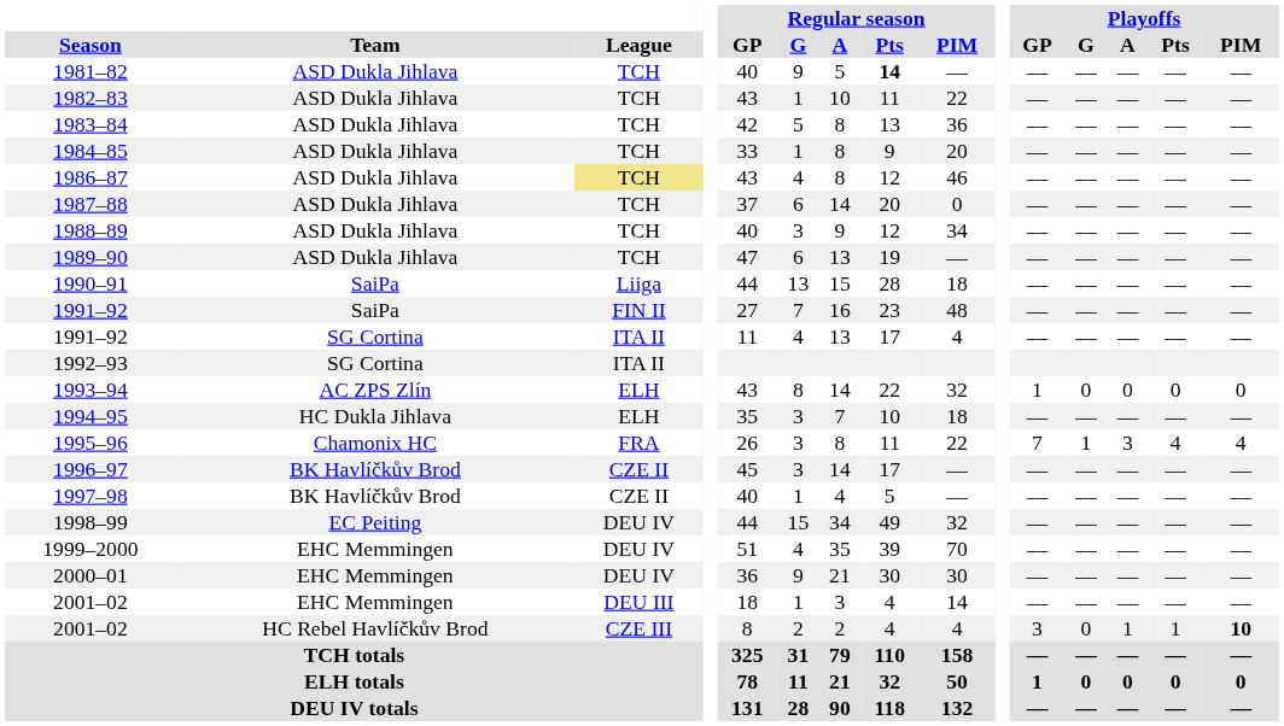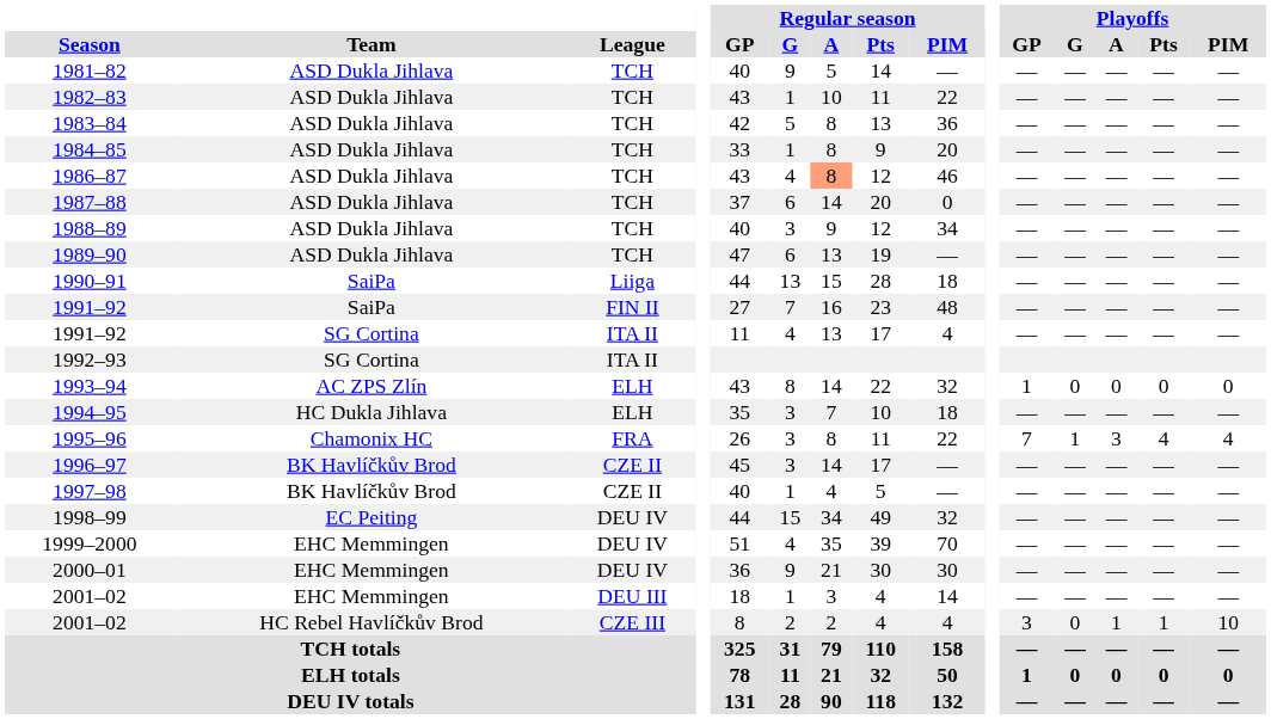 <table border="0" cellpadding="1" cellspacing="0" style="text-align:center; width:60em">
 <tr bgcolor="#e0e0e0">
 <th colspan="3" bgcolor="#ffffff"> </th>
 <th rowspan="99" bgcolor="#ffffff"> </th>
 <th colspan="5"><a href='#'>Regular season</a></th>
 <th rowspan="99" bgcolor="#ffffff"> </th>
 <th colspan="5"><a href='#'>Playoffs</a></th>
 </tr>
 <tr bgcolor="#e0e0e0">
 <th><a href='#'>Season</a></th>
 <th>Team</th>
 <th>League</th>
 <th>GP</th>
 <th><a href='#'>G</a></th>
 <th><a href='#'>A</a></th>
 <th><a href='#'>Pts</a></th>
 <th><a href='#'>PIM</a></th>
 <th>GP</th>
 <th>G</th>
 <th>A</th>
 <th>Pts</th>
 <th>PIM</th>
 </tr>
 <tr>
 <td><a href='#'>1981–82</a></td>
 <td><a href='#'>ASD Dukla Jihlava</a></td>
 <td><a href='#'>TCH</a></td>
 <td>40</td>
 <td>9</td>
 <td>5</td>
-<td><strong>14</strong></td>
+<td>14</td>
 <td>—</td>
 <td>—</td>
 <td>—</td>
 <td>—</td>
 <td>—</td>
 <td>—</td>
 </tr>
 <tr bgcolor="#f0f0f0">
 <td><a href='#'>1982–83</a></td>
 <td>ASD Dukla Jihlava</td>
 <td>TCH</td>
 <td>43</td>
 <td>1</td>
 <td>10</td>
 <td>11</td>
 <td>22</td>
 <td>—</td>
 <td>—</td>
 <td>—</td>
 <td>—</td>
 <td>—</td>
 </tr>
 <tr>
 <td><a href='#'>1983–84</a></td>
 <td>ASD Dukla Jihlava</td>
 <td>TCH</td>
 <td>42</td>
 <td>5</td>
 <td>8</td>
 <td>13</td>
 <td>36</td>
 <td>—</td>
 <td>—</td>
 <td>—</td>
 <td>—</td>
 <td>—</td>
 </tr>
 <tr bgcolor="#f0f0f0">
 <td><a href='#'>1984–85</a></td>
 <td>ASD Dukla Jihlava</td>
 <td>TCH</td>
 <td>33</td>
 <td>1</td>
 <td>8</td>
 <td>9</td>
 <td>20</td>
 <td>—</td>
 <td>—</td>
 <td>—</td>
 <td>—</td>
 <td>—</td>
 </tr>
 <tr>
 <td><a href='#'>1986–87</a></td>
 <td>ASD Dukla Jihlava</td>
-<td style="background: khaki;">TCH</td>
+<td>TCH</td>
 <td>43</td>
 <td>4</td>
-<td>8</td>
+<td style="background: lightsalmon;">8</td>
 <td>12</td>
 <td>46</td>
 <td>—</td>
 <td>—</td>
 <td>—</td>
 <td>—</td>
 <td>—</td>
 </tr>
 <tr bgcolor="#f0f0f0">
 <td><a href='#'>1987–88</a></td>
 <td>ASD Dukla Jihlava</td>
 <td>TCH</td>
 <td>37</td>
 <td>6</td>
 <td>14</td>
 <td>20</td>
 <td>0</td>
 <td>—</td>
 <td>—</td>
 <td>—</td>
 <td>—</td>
 <td>—</td>
 </tr>
 <tr>
 <td><a href='#'>1988–89</a></td>
 <td>ASD Dukla Jihlava</td>
 <td>TCH</td>
 <td>40</td>
 <td>3</td>
 <td>9</td>
 <td>12</td>
 <td>34</td>
 <td>—</td>
 <td>—</td>
 <td>—</td>
 <td>—</td>
 <td>—</td>
 </tr>
 <tr bgcolor="#f0f0f0">
 <td><a href='#'>1989–90</a></td>
 <td>ASD Dukla Jihlava</td>
 <td>TCH</td>
 <td>47</td>
 <td>6</td>
 <td>13</td>
 <td>19</td>
 <td>—</td>
 <td>—</td>
 <td>—</td>
 <td>—</td>
 <td>—</td>
 <td>—</td>
 </tr>
 <tr>
 <td><a href='#'>1990–91</a></td>
 <td><a href='#'>SaiPa</a></td>
 <td><a href='#'>Liiga</a></td>
 <td>44</td>
 <td>13</td>
 <td>15</td>
 <td>28</td>
 <td>18</td>
 <td>—</td>
 <td>—</td>
 <td>—</td>
 <td>—</td>
 <td>—</td>
 </tr>
 <tr bgcolor="#f0f0f0">
 <td><a href='#'>1991–92</a></td>
 <td>SaiPa</td>
 <td><a href='#'>FIN II</a></td>
 <td>27</td>
 <td>7</td>
 <td>16</td>
 <td>23</td>
 <td>48</td>
 <td>—</td>
 <td>—</td>
 <td>—</td>
 <td>—</td>
 <td>—</td>
 </tr>
 <tr>
 <td>1991–92</td>
 <td><a href='#'>SG Cortina</a></td>
 <td><a href='#'>ITA II</a></td>
 <td>11</td>
 <td>4</td>
 <td>13</td>
 <td>17</td>
 <td>4</td>
 <td>—</td>
 <td>—</td>
 <td>—</td>
 <td>—</td>
 <td>—</td>
 </tr>
 <tr bgcolor="#f0f0f0">
 <td>1992–93</td>
 <td>SG Cortina</td>
 <td>ITA II</td>
 <td></td>
 <td></td>
 <td></td>
 <td></td>
 <td></td>
 <td></td>
 <td></td>
 <td></td>
 <td></td>
 <td></td>
 </tr>
 <tr>
 <td><a href='#'>1993–94</a></td>
 <td><a href='#'>AC ZPS Zlín</a></td>
 <td><a href='#'>ELH</a></td>
 <td>43</td>
 <td>8</td>
 <td>14</td>
 <td>22</td>
 <td>32</td>
 <td>1</td>
 <td>0</td>
 <td>0</td>
 <td>0</td>
 <td>0</td>
 </tr>
 <tr bgcolor="#f0f0f0">
 <td><a href='#'>1994–95</a></td>
 <td>HC Dukla Jihlava</td>
 <td>ELH</td>
 <td>35</td>
 <td>3</td>
 <td>7</td>
 <td>10</td>
 <td>18</td>
 <td>—</td>
 <td>—</td>
 <td>—</td>
 <td>—</td>
 <td>—</td>
 </tr>
 <tr>
 <td><a href='#'>1995–96</a></td>
 <td><a href='#'>Chamonix HC</a></td>
 <td><a href='#'>FRA</a></td>
 <td>26</td>
 <td>3</td>
 <td>8</td>
 <td>11</td>
 <td>22</td>
 <td>7</td>
 <td>1</td>
 <td>3</td>
 <td>4</td>
 <td>4</td>
 </tr>
 <tr bgcolor="#f0f0f0">
 <td><a href='#'>1996–97</a></td>
 <td><a href='#'>BK Havlíčkův Brod</a></td>
 <td><a href='#'>CZE II</a></td>
 <td>45</td>
 <td>3</td>
 <td>14</td>
 <td>17</td>
 <td>—</td>
 <td>—</td>
 <td>—</td>
 <td>—</td>
 <td>—</td>
 <td>—</td>
 </tr>
 <tr>
 <td><a href='#'>1997–98</a></td>
 <td>BK Havlíčkův Brod</td>
 <td>CZE II</td>
 <td>40</td>
 <td>1</td>
 <td>4</td>
 <td>5</td>
 <td>—</td>
 <td>—</td>
 <td>—</td>
 <td>—</td>
 <td>—</td>
 <td>—</td>
 </tr>
 <tr bgcolor="#f0f0f0">
 <td>1998–99</td>
 <td><a href='#'>EC Peiting</a></td>
 <td>DEU IV</td>
 <td>44</td>
 <td>15</td>
 <td>34</td>
 <td>49</td>
 <td>32</td>
 <td>—</td>
 <td>—</td>
 <td>—</td>
 <td>—</td>
 <td>—</td>
 </tr>
 <tr>
 <td>1999–2000</td>
 <td>EHC Memmingen</td>
 <td>DEU IV</td>
 <td>51</td>
 <td>4</td>
 <td>35</td>
 <td>39</td>
 <td>70</td>
 <td>—</td>
 <td>—</td>
 <td>—</td>
 <td>—</td>
 <td>—</td>
 </tr>
 <tr bgcolor="#f0f0f0">
 <td>2000–01</td>
 <td>EHC Memmingen</td>
 <td>DEU IV</td>
 <td>36</td>
 <td>9</td>
 <td>21</td>
 <td>30</td>
 <td>30</td>
 <td>—</td>
 <td>—</td>
 <td>—</td>
 <td>—</td>
 <td>—</td>
 </tr>
 <tr>
 <td>2001–02</td>
 <td>EHC Memmingen</td>
 <td><a href='#'>DEU III</a></td>
 <td>18</td>
 <td>1</td>
 <td>3</td>
 <td>4</td>
 <td>14</td>
 <td>—</td>
 <td>—</td>
 <td>—</td>
 <td>—</td>
 <td>—</td>
 </tr>
 <tr bgcolor="#f0f0f0">
 <td>2001–02</td>
 <td>HC Rebel Havlíčkův Brod</td>
 <td><a href='#'>CZE III</a></td>
 <td>8</td>
 <td>2</td>
 <td>2</td>
 <td>4</td>
 <td>4</td>
 <td>3</td>
 <td>0</td>
 <td>1</td>
 <td>1</td>
-<td><strong>10</strong></td>
+<td>10</td>
 </tr>
 <tr bgcolor="#e0e0e0">
 <th colspan="3">TCH totals</th>
 <th>325</th>
 <th>31</th>
 <th>79</th>
 <th>110</th>
 <th>158</th>
 <th>—</th>
 <th>—</th>
 <th>—</th>
 <th>—</th>
 <th>—</th>
 </tr>
 <tr bgcolor="#e0e0e0">
 <th colspan="3">ELH totals</th>
 <th>78</th>
 <th>11</th>
 <th>21</th>
 <th>32</th>
 <th>50</th>
 <th>1</th>
 <th>0</th>
 <th>0</th>
 <th>0</th>
 <th>0</th>
 </tr>
 <tr bgcolor="#e0e0e0">
 <th colspan="3">DEU IV totals</th>
 <th>131</th>
 <th>28</th>
 <th>90</th>
 <th>118</th>
 <th>132</th>
 <th>—</th>
 <th>—</th>
 <th>—</th>
 <th>—</th>
 <th>—</th>
 </tr>
 </table>
